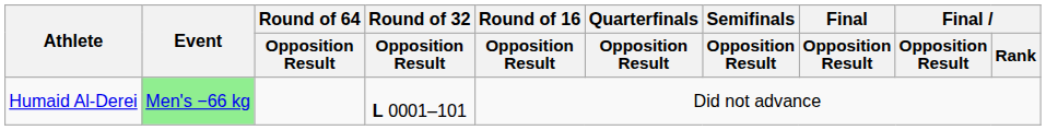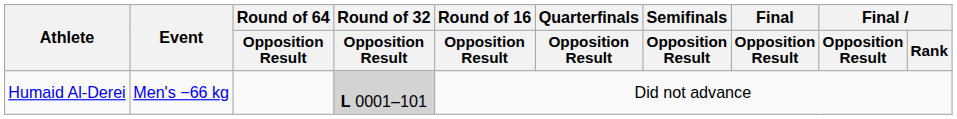 <table class="wikitable" style="font-size:90%">
 <tr>
 <th rowspan="2">Athlete</th>
 <th rowspan="2">Event</th>
 <th scope="col">Round of 64</th>
 <th scope="col">Round of 32</th>
 <th scope="col">Round of 16</th>
 <th scope="col">Quarterfinals</th>
 <th scope="col">Semifinals</th>
 <th scope="col">Final</th>
 <th colspan=2>Final / </th>
 </tr>
 <tr style="font-size:95%">
 <th>Opposition<br>Result</th>
 <th>Opposition<br>Result</th>
 <th>Opposition<br>Result</th>
 <th>Opposition<br>Result</th>
 <th>Opposition<br>Result</th>
 <th>Opposition<br>Result</th>
 <th>Opposition<br>Result</th>
 <th>Rank</th>
 </tr>
 <tr align=center>
 <td align=left><a href='#'>Humaid Al-Derei</a></td>
-<td align=left style="background: lightgreen;"><a href='#'>Men's −66 kg</a></td>
+<td align=left><a href='#'>Men's −66 kg</a></td>
 <td></td>
-<td><br><strong>L</strong> 0001–101</td>
+<td style="background: lightgrey;"><br><strong>L</strong> 0001–101</td>
 <td colspan=6>Did not advance</td>
 </tr>
 </table>
